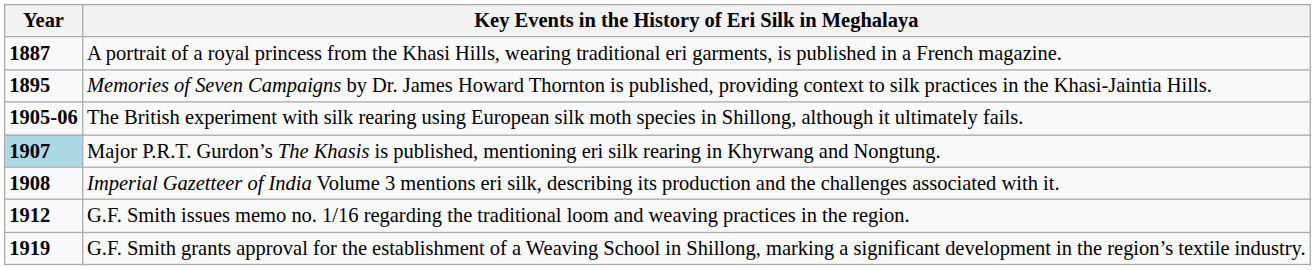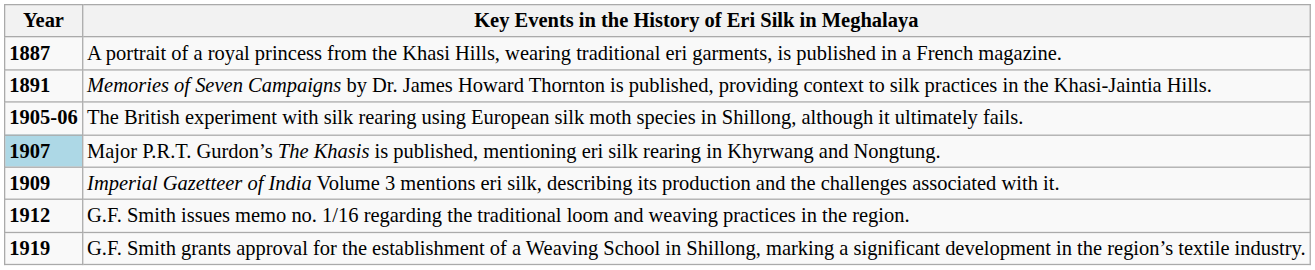 <table class="wikitable">
 <tr>
 <th><strong>Year</strong></th>
 <th>Key Events in the History of Eri Silk in Meghalaya</th>
 </tr>
 <tr>
 <td><strong>1887</strong></td>
 <td>A portrait of a royal princess from the Khasi Hills, wearing traditional eri garments, is published in a French magazine.</td>
 </tr>
 <tr>
-<td><strong>1895</strong></td>
+<td><strong>1891</strong></td>
 <td><em>Memories of Seven Campaigns</em> by Dr. James Howard Thornton is published, providing context to silk practices in the Khasi-Jaintia Hills.</td>
 </tr>
 <tr>
 <td><strong>1905-06</strong></td>
 <td>The British experiment with silk rearing using European silk moth species in Shillong, although it ultimately fails.</td>
 </tr>
 <tr>
 <td style="background: lightblue;"><strong>1907</strong></td>
 <td>Major P.R.T. Gurdon’s <em>The Khasis</em> is published, mentioning eri silk rearing in Khyrwang and Nongtung.</td>
 </tr>
 <tr>
-<td><strong>1908</strong></td>
+<td><strong>1909</strong></td>
 <td><em>Imperial Gazetteer of India</em> Volume 3 mentions eri silk, describing its production and the challenges associated with it.</td>
 </tr>
 <tr>
 <td><strong>1912</strong></td>
 <td>G.F. Smith issues memo no. 1/16 regarding the traditional loom and weaving practices in the region.</td>
 </tr>
 <tr>
 <td><strong>1919</strong></td>
 <td>G.F. Smith grants approval for the establishment of a Weaving School in Shillong, marking a significant development in the region’s textile industry.</td>
 </tr>
 </table>
